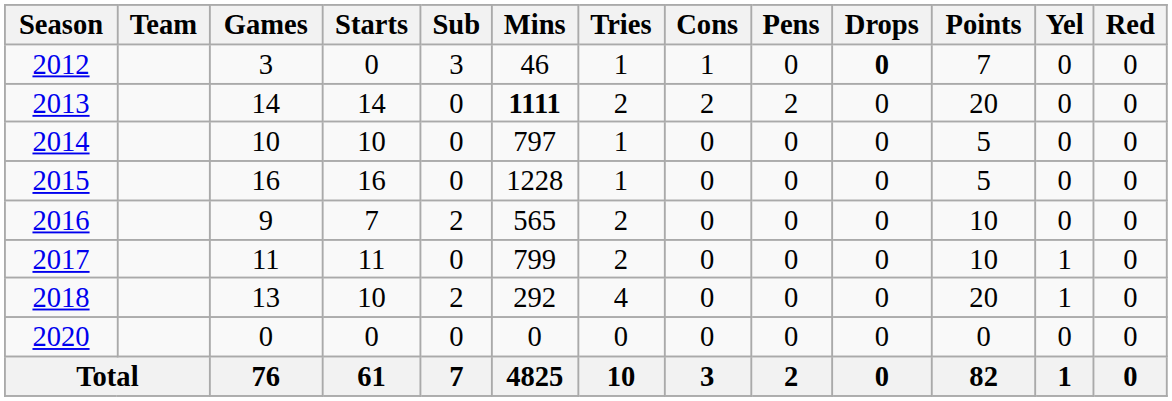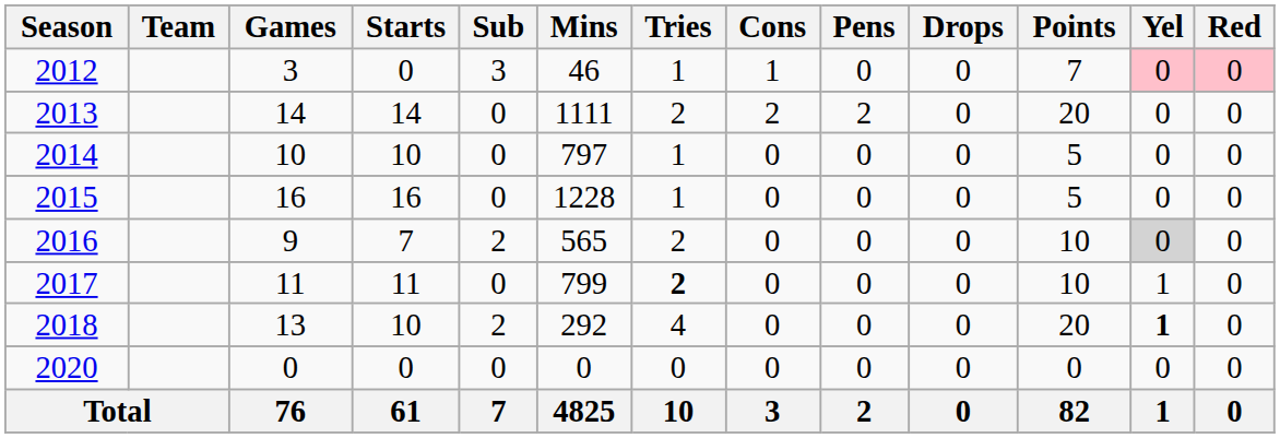 <table class="wikitable" style="text-align:center; line-height:90%; font-size:95%; width:70%;">
 <tr>
 <th>Season</th>
 <th>Team</th>
 <th>Games</th>
 <th>Starts</th>
 <th>Sub</th>
 <th>Mins</th>
 <th>Tries</th>
 <th>Cons</th>
 <th>Pens</th>
 <th>Drops</th>
 <th>Points</th>
 <th>Yel</th>
 <th>Red</th>
 </tr>
 <tr>
 <td><a href='#'>2012</a></td>
 <td></td>
 <td>3</td>
 <td>0</td>
 <td>3</td>
 <td>46</td>
 <td>1</td>
 <td>1</td>
 <td>0</td>
-<td><strong>0</strong></td>
+<td>0</td>
 <td>7</td>
-<td>0</td>
-<td>0</td>
+<td style="background: pink;">0</td>
+<td style="background: pink;">0</td>
 </tr>
 <tr>
 <td><a href='#'>2013</a></td>
 <td></td>
 <td>14</td>
 <td>14</td>
 <td>0</td>
-<td><strong>1111</strong></td>
+<td>1111</td>
 <td>2</td>
 <td>2</td>
 <td>2</td>
 <td>0</td>
 <td>20</td>
 <td>0</td>
 <td>0</td>
 </tr>
 <tr>
 <td><a href='#'>2014</a></td>
 <td></td>
 <td>10</td>
 <td>10</td>
 <td>0</td>
 <td>797</td>
 <td>1</td>
 <td>0</td>
 <td>0</td>
 <td>0</td>
 <td>5</td>
 <td>0</td>
 <td>0</td>
 </tr>
 <tr>
 <td><a href='#'>2015</a></td>
 <td></td>
 <td>16</td>
 <td>16</td>
 <td>0</td>
 <td>1228</td>
 <td>1</td>
 <td>0</td>
 <td>0</td>
 <td>0</td>
 <td>5</td>
 <td>0</td>
 <td>0</td>
 </tr>
 <tr>
 <td><a href='#'>2016</a></td>
 <td></td>
 <td>9</td>
 <td>7</td>
 <td>2</td>
 <td>565</td>
 <td>2</td>
 <td>0</td>
 <td>0</td>
 <td>0</td>
 <td>10</td>
-<td>0</td>
+<td style="background: lightgrey;">0</td>
 <td>0</td>
 </tr>
 <tr>
 <td><a href='#'>2017</a></td>
 <td></td>
 <td>11</td>
 <td>11</td>
 <td>0</td>
 <td>799</td>
-<td>2</td>
+<td><strong>2</strong></td>
 <td>0</td>
 <td>0</td>
 <td>0</td>
 <td>10</td>
 <td>1</td>
 <td>0</td>
 </tr>
 <tr>
 <td><a href='#'>2018</a></td>
 <td></td>
 <td>13</td>
 <td>10</td>
 <td>2</td>
 <td>292</td>
 <td>4</td>
 <td>0</td>
 <td>0</td>
 <td>0</td>
 <td>20</td>
-<td>1</td>
+<td><strong>1</strong></td>
 <td>0</td>
 </tr>
 <tr>
 <td><a href='#'>2020</a></td>
 <td></td>
 <td>0</td>
 <td>0</td>
 <td>0</td>
 <td>0</td>
 <td>0</td>
 <td>0</td>
 <td>0</td>
 <td>0</td>
 <td>0</td>
 <td>0</td>
 <td>0</td>
 </tr>
 <tr>
 <th colspan="2">Total</th>
 <th>76</th>
 <th>61</th>
 <th>7</th>
 <th>4825</th>
 <th>10</th>
 <th>3</th>
 <th>2</th>
 <th>0</th>
 <th>82</th>
 <th>1</th>
 <th>0</th>
 </tr>
 </table>
